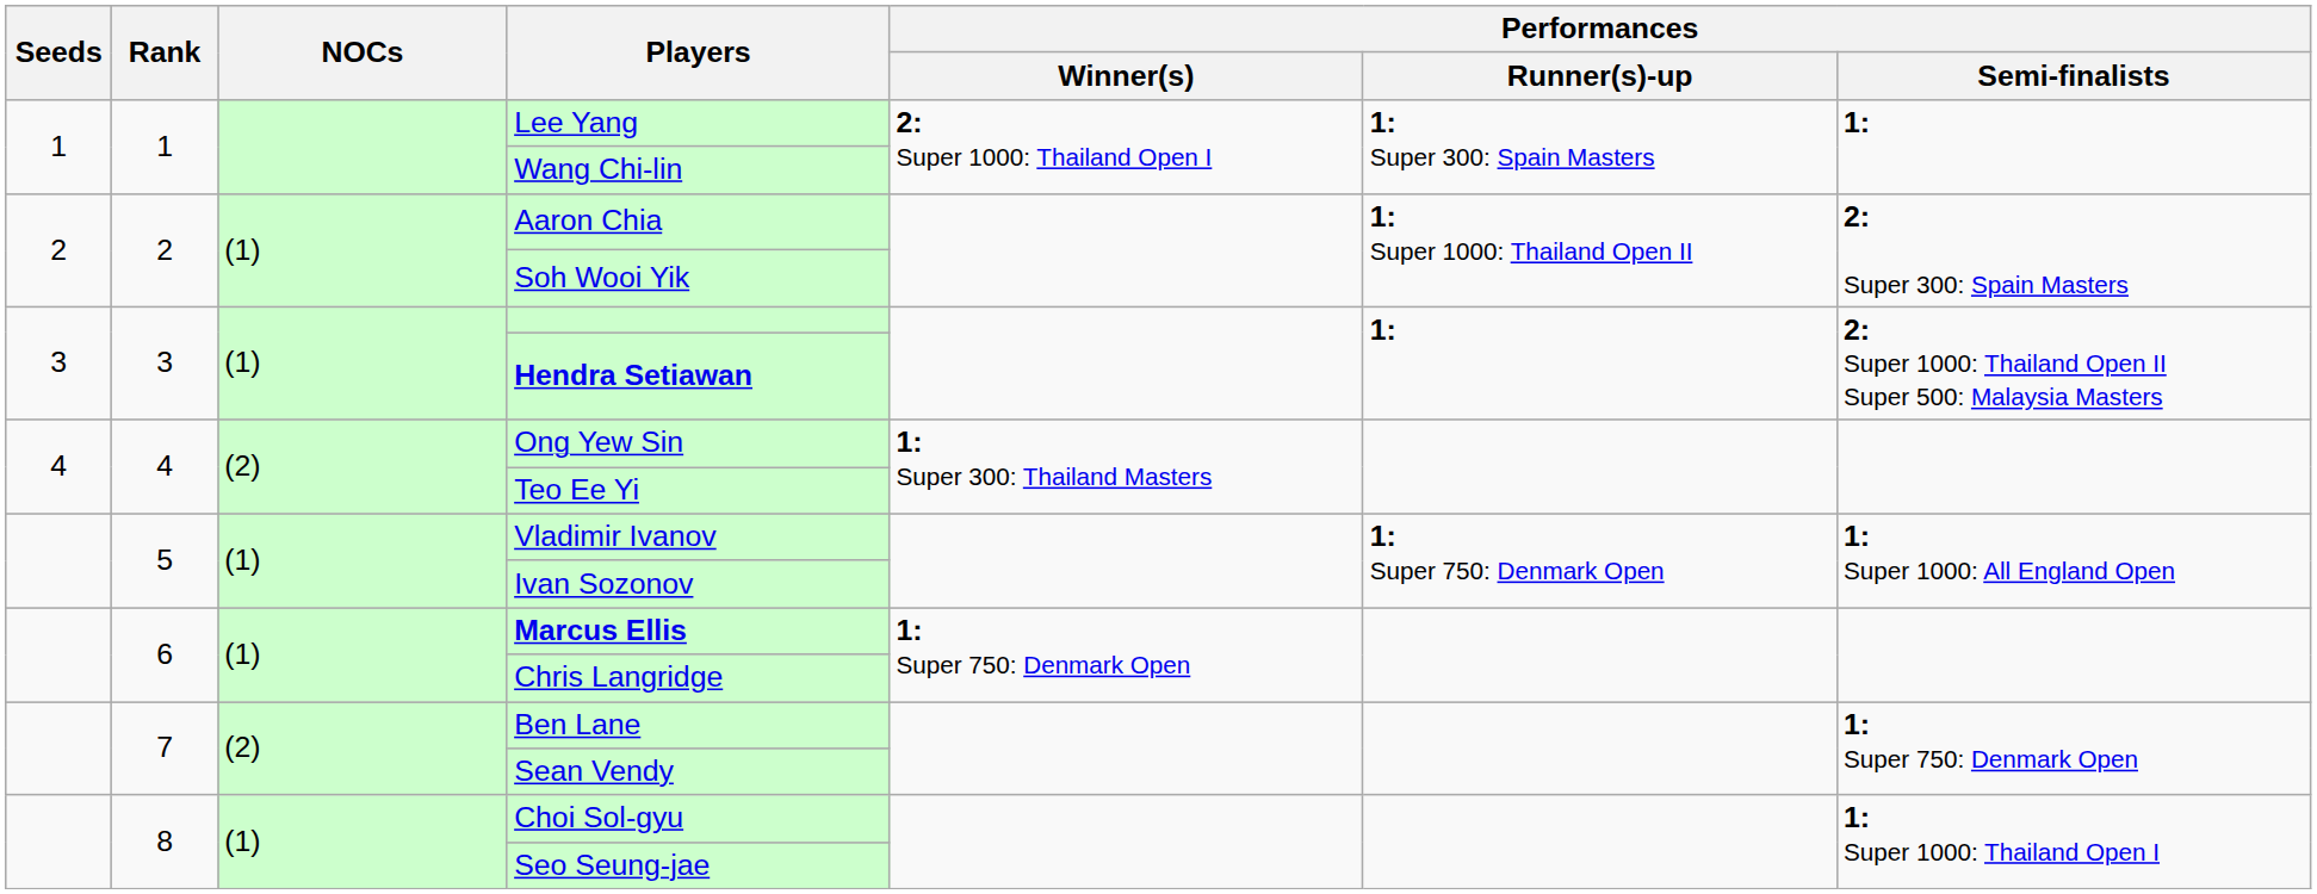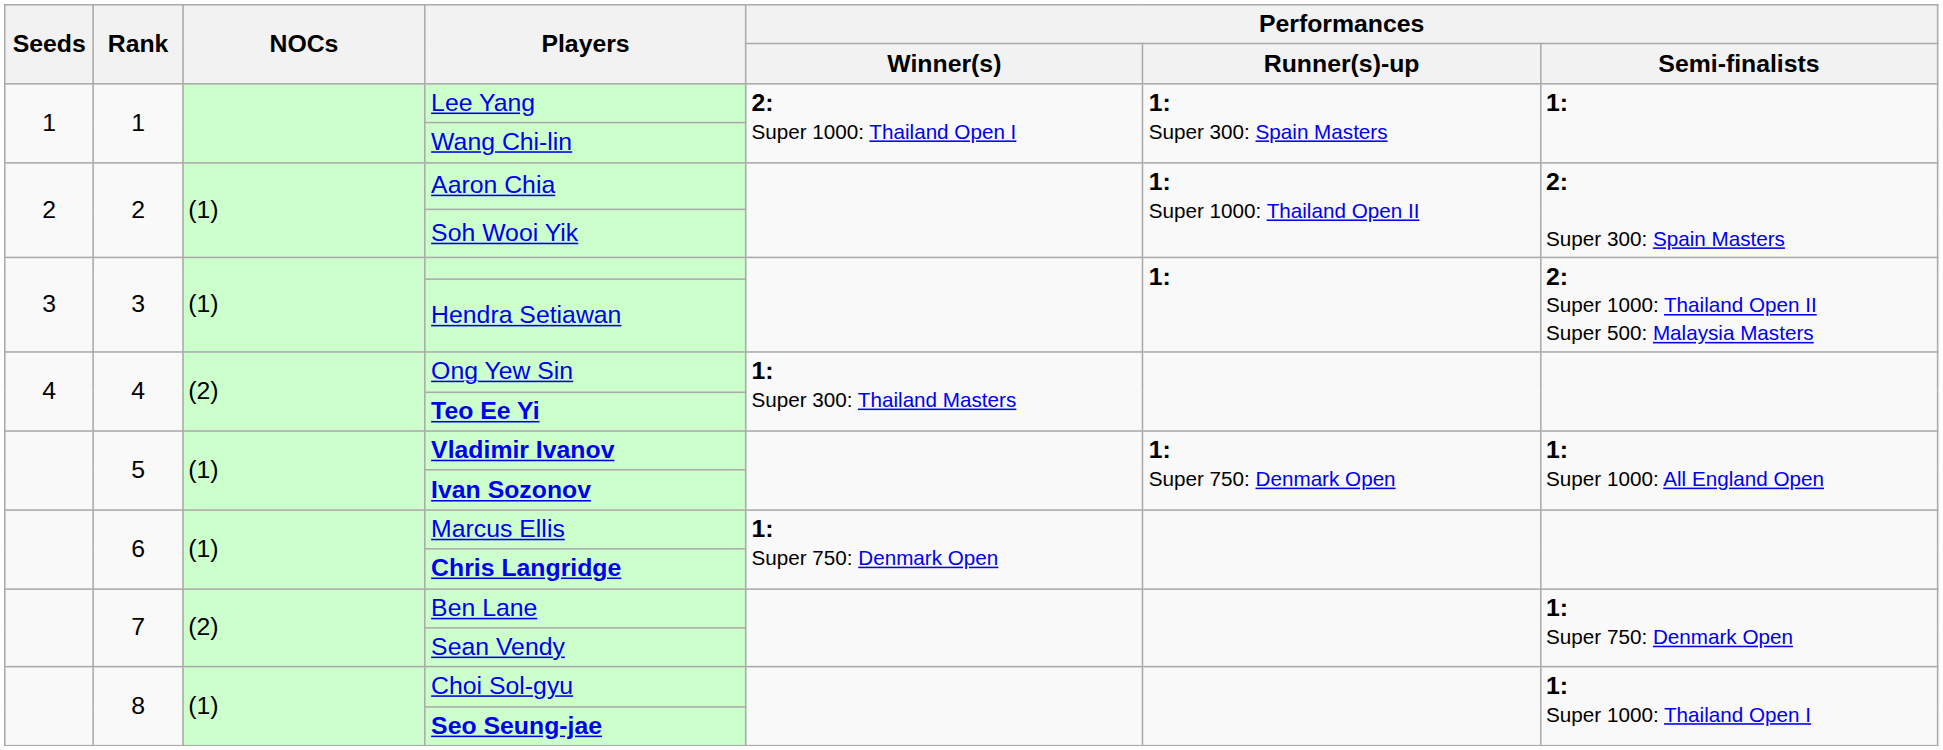 <table class="wikitable">
 <tr>
 <th rowspan="2" width="50">Seeds</th>
 <th rowspan="2" width="50">Rank</th>
 <th rowspan="2" width="150">NOCs</th>
 <th rowspan="2" width="200">Players</th>
 <th colspan="3">Performances</th>
 </tr>
 <tr>
 <th width="250">Winner(s)</th>
 <th width="250">Runner(s)-up</th>
 <th width="250">Semi-finalists</th>
 </tr>
 <tr>
 <td align="center" rowspan="2">1</td>
 <td align="center" rowspan="2">1</td>
 <td bgcolor="#ccffcc" rowspan="2"></td>
 <td bgcolor="#ccffcc"><a href='#'>Lee Yang</a></td>
 <td rowspan="2" valign="top"><strong>2:</strong><br><small>Super 1000: <a href='#'>Thailand Open I</a><br> </small></td>
 <td rowspan="2" valign="top"><strong>1:</strong><br><small>Super 300: <a href='#'>Spain Masters</a></small></td>
 <td rowspan="2" valign="top"><strong>1:</strong><br><small></small></td>
 </tr>
 <tr>
 <td bgcolor="#ccffcc"><a href='#'>Wang Chi-lin</a></td>
 </tr>
 <tr>
 <td align="center" rowspan="2">2</td>
 <td align="center" rowspan="2">2</td>
 <td bgcolor="#ccffcc" rowspan="2"> (1)</td>
 <td bgcolor="#ccffcc"><a href='#'>Aaron Chia</a></td>
 <td rowspan="2" valign="top"></td>
 <td rowspan="2" valign="top"><strong>1:</strong><br><small>Super 1000: <a href='#'>Thailand Open II</a></small></td>
 <td rowspan="2" valign="top"><strong>2:</strong><br><small> <br>Super 300: <a href='#'>Spain Masters</a></small></td>
 </tr>
 <tr>
 <td bgcolor="#ccffcc"><a href='#'>Soh Wooi Yik</a></td>
 </tr>
 <tr>
 <td align="center" rowspan="2">3</td>
 <td align="center" rowspan="2">3</td>
 <td bgcolor="#ccffcc" rowspan="2"> (1)</td>
 <td bgcolor="#ccffcc"></td>
 <td rowspan="2" valign="top"></td>
 <td rowspan="2" valign="top"><strong>1:</strong><br><small></small></td>
 <td rowspan="2" valign="top"><strong>2:</strong><br><small>Super 1000: <a href='#'>Thailand Open II</a><br>Super 500: <a href='#'>Malaysia Masters</a></small></td>
 </tr>
 <tr>
-<td bgcolor="#ccffcc"><strong><a href='#'>Hendra Setiawan</a></strong></td>
+<td bgcolor="#ccffcc"><a href='#'>Hendra Setiawan</a></td>
 </tr>
 <tr>
 <td align="center" rowspan="2">4</td>
 <td align="center" rowspan="2">4</td>
 <td bgcolor="#ccffcc" rowspan="2"> (2)</td>
 <td bgcolor="#ccffcc"><a href='#'>Ong Yew Sin</a></td>
 <td rowspan="2" valign="top"><strong>1:</strong><br><small>Super 300: <a href='#'>Thailand Masters</a></small></td>
 <td rowspan="2" valign="top"></td>
 <td rowspan="2" valign="top"></td>
 </tr>
 <tr>
-<td bgcolor="#ccffcc"><a href='#'>Teo Ee Yi</a></td>
+<td bgcolor="#ccffcc"><strong><a href='#'>Teo Ee Yi</a></strong></td>
 </tr>
 <tr>
 <td align="center" rowspan="2"></td>
 <td align="center" rowspan="2">5</td>
 <td bgcolor="#ccffcc" rowspan="2"> (1)</td>
-<td bgcolor="#ccffcc"><a href='#'>Vladimir Ivanov</a></td>
+<td bgcolor="#ccffcc"><strong><a href='#'>Vladimir Ivanov</a></strong></td>
 <td rowspan="2" valign="top"></td>
 <td rowspan="2" valign="top"><strong>1:</strong><br><small>Super 750: <a href='#'>Denmark Open</a></small></td>
 <td rowspan="2" valign="top"><strong>1:</strong><br><small>Super 1000: <a href='#'>All England Open</a></small></td>
 </tr>
 <tr>
-<td bgcolor="#ccffcc"><a href='#'>Ivan Sozonov</a></td>
+<td bgcolor="#ccffcc"><strong><a href='#'>Ivan Sozonov</a></strong></td>
 </tr>
 <tr>
 <td align="center" rowspan="2"></td>
 <td align="center" rowspan="2">6</td>
 <td bgcolor="#ccffcc" rowspan="2"> (1)</td>
-<td bgcolor="#ccffcc"><strong><a href='#'>Marcus Ellis</a></strong></td>
+<td bgcolor="#ccffcc"><a href='#'>Marcus Ellis</a></td>
 <td rowspan="2" valign="top"><strong>1:</strong><br><small>Super 750: <a href='#'>Denmark Open</a></small></td>
 <td rowspan="2" valign="top"></td>
 <td rowspan="2" valign="top"></td>
 </tr>
 <tr>
-<td bgcolor="#ccffcc"><a href='#'>Chris Langridge</a></td>
+<td bgcolor="#ccffcc"><strong><a href='#'>Chris Langridge</a></strong></td>
 </tr>
 <tr>
 <td align="center" rowspan="2"></td>
 <td align="center" rowspan="2">7</td>
 <td bgcolor="#ccffcc" rowspan="2"> (2)</td>
 <td bgcolor="#ccffcc"><a href='#'>Ben Lane</a></td>
 <td rowspan="2" valign="top"></td>
 <td rowspan="2" valign="top"></td>
 <td rowspan="2" valign="top"><strong>1:</strong><br><small>Super 750: <a href='#'>Denmark Open</a></small></td>
 </tr>
 <tr>
 <td bgcolor="#ccffcc"><a href='#'>Sean Vendy</a></td>
 </tr>
 <tr>
 <td align="center" rowspan="2"></td>
 <td align="center" rowspan="2">8</td>
 <td bgcolor="#ccffcc" rowspan="2"> (1)</td>
 <td bgcolor="#ccffcc"><a href='#'>Choi Sol-gyu</a></td>
 <td rowspan="2" valign="top"></td>
 <td rowspan="2" valign="top"></td>
 <td rowspan="2" valign="top"><strong>1:</strong><br><small>Super 1000: <a href='#'>Thailand Open I</a></small></td>
 </tr>
 <tr>
-<td bgcolor="#ccffcc"><a href='#'>Seo Seung-jae</a></td>
+<td bgcolor="#ccffcc"><strong><a href='#'>Seo Seung-jae</a></strong></td>
 </tr>
 </table>
